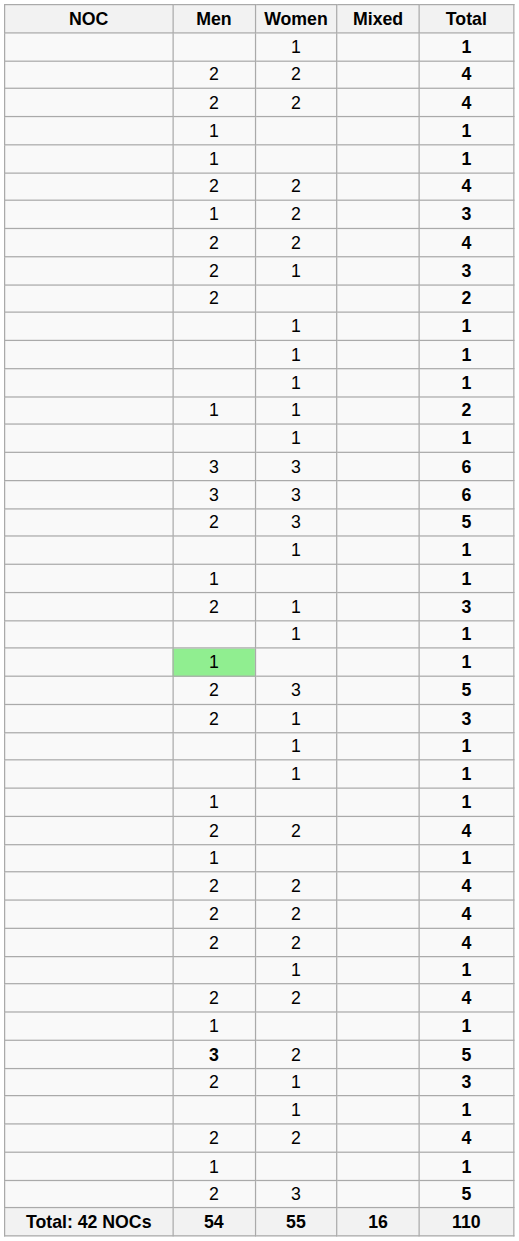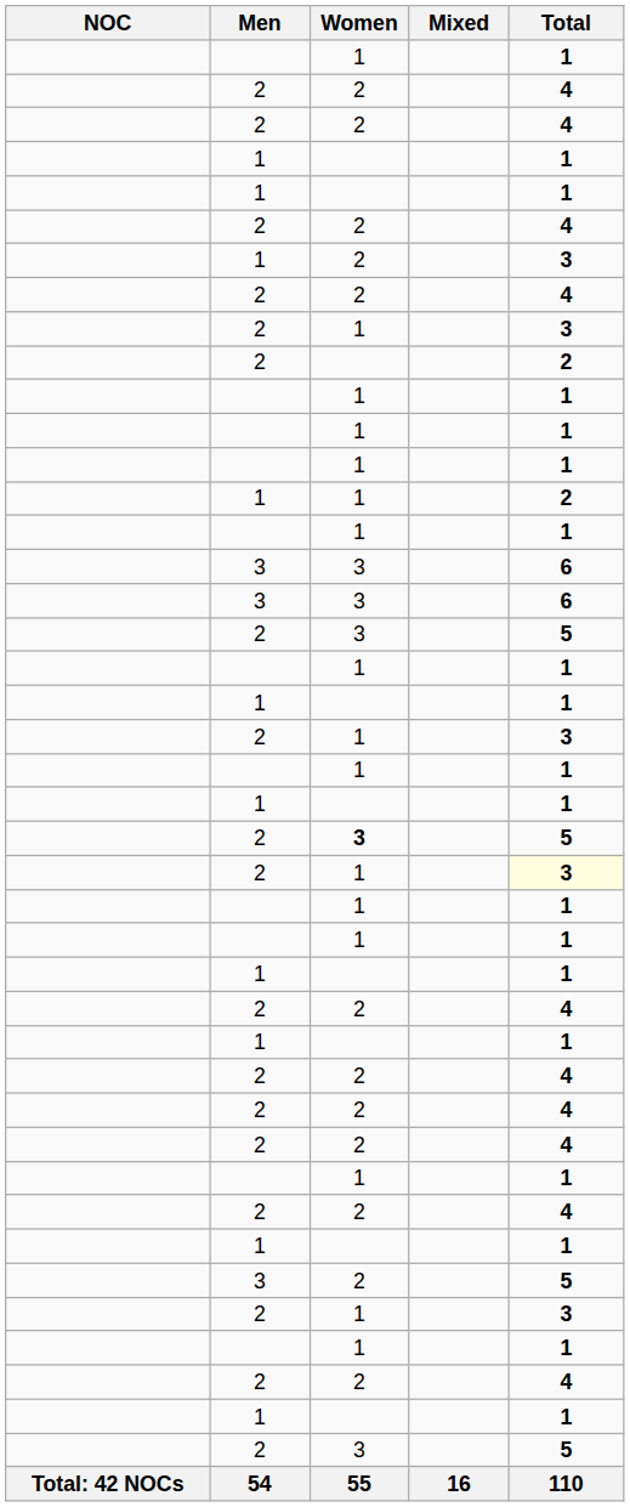 <table class="wikitable sortable" style="text-align:center; font-size:90%">
 <tr>
 <th width=130 align="left">NOC</th>
 <th width=60>Men</th>
 <th width=60>Women</th>
 <th width=60>Mixed</th>
 <th width="70">Total</th>
 </tr>
 <tr>
 <td align=left></td>
 <td></td>
 <td>1</td>
 <td></td>
 <td><strong>1</strong></td>
 </tr>
 <tr>
 <td align=left></td>
 <td>2</td>
 <td>2</td>
 <td></td>
 <td><strong>4</strong></td>
 </tr>
 <tr>
 <td align=left></td>
 <td>2</td>
 <td>2</td>
 <td></td>
 <td><strong>4</strong></td>
 </tr>
 <tr>
 <td align=left></td>
 <td>1</td>
 <td></td>
 <td></td>
 <td><strong>1</strong></td>
 </tr>
 <tr>
 <td align=left></td>
 <td>1</td>
 <td></td>
 <td></td>
 <td><strong>1</strong></td>
 </tr>
 <tr>
 <td align=left></td>
 <td>2</td>
 <td>2</td>
 <td></td>
 <td><strong>4</strong></td>
 </tr>
 <tr>
 <td align=left></td>
 <td>1</td>
 <td>2</td>
 <td></td>
 <td><strong>3</strong></td>
 </tr>
 <tr>
 <td align=left></td>
 <td>2</td>
 <td>2</td>
 <td></td>
 <td><strong>4</strong></td>
 </tr>
 <tr>
 <td align=left></td>
 <td>2</td>
 <td>1</td>
 <td></td>
 <td><strong>3</strong></td>
 </tr>
 <tr>
 <td align=left></td>
 <td>2</td>
 <td></td>
 <td></td>
 <td><strong>2</strong></td>
 </tr>
 <tr>
 <td align=left></td>
 <td></td>
 <td>1</td>
 <td></td>
 <td><strong>1</strong></td>
 </tr>
 <tr>
 <td align=left></td>
 <td></td>
 <td>1</td>
 <td></td>
 <td><strong>1</strong></td>
 </tr>
 <tr>
 <td align=left></td>
 <td></td>
 <td>1</td>
 <td></td>
 <td><strong>1</strong></td>
 </tr>
 <tr>
 <td align=left></td>
 <td>1</td>
 <td>1</td>
 <td></td>
 <td><strong>2</strong></td>
 </tr>
 <tr>
 <td align=left></td>
 <td></td>
 <td>1</td>
 <td></td>
 <td><strong>1</strong></td>
 </tr>
 <tr>
 <td align=left></td>
 <td>3</td>
 <td>3</td>
 <td></td>
 <td><strong>6</strong></td>
 </tr>
 <tr>
 <td align=left></td>
 <td>3</td>
 <td>3</td>
 <td></td>
 <td><strong>6</strong></td>
 </tr>
 <tr>
 <td align=left></td>
 <td>2</td>
 <td>3</td>
 <td></td>
 <td><strong>5</strong></td>
 </tr>
 <tr>
 <td align=left></td>
 <td></td>
 <td>1</td>
 <td></td>
 <td><strong>1</strong></td>
 </tr>
 <tr>
 <td align=left></td>
 <td>1</td>
 <td></td>
 <td></td>
 <td><strong>1</strong></td>
 </tr>
 <tr>
 <td align=left></td>
 <td>2</td>
 <td>1</td>
 <td></td>
 <td><strong>3</strong></td>
 </tr>
 <tr>
 <td align=left></td>
 <td></td>
 <td>1</td>
 <td></td>
 <td><strong>1</strong></td>
 </tr>
 <tr>
 <td align=left></td>
-<td style="background: lightgreen;">1</td>
+<td>1</td>
 <td></td>
 <td></td>
 <td><strong>1</strong></td>
 </tr>
 <tr>
 <td align=left></td>
 <td>2</td>
-<td>3</td>
+<td><strong>3</strong></td>
 <td></td>
 <td><strong>5</strong></td>
 </tr>
 <tr>
 <td align=left></td>
 <td>2</td>
 <td>1</td>
 <td></td>
-<td><strong>3</strong></td>
+<td style="background: lightyellow;"><strong>3</strong></td>
 </tr>
 <tr>
 <td align=left></td>
 <td></td>
 <td>1</td>
 <td></td>
 <td><strong>1</strong></td>
 </tr>
 <tr>
 <td align=left></td>
 <td></td>
 <td>1</td>
 <td></td>
 <td><strong>1</strong></td>
 </tr>
 <tr>
 <td align=left></td>
 <td>1</td>
 <td></td>
 <td></td>
 <td><strong>1</strong></td>
 </tr>
 <tr>
 <td align=left></td>
 <td>2</td>
 <td>2</td>
 <td></td>
 <td><strong>4</strong></td>
 </tr>
 <tr>
 <td align=left></td>
 <td>1</td>
 <td></td>
 <td></td>
 <td><strong>1</strong></td>
 </tr>
 <tr>
 <td align=left></td>
 <td>2</td>
 <td>2</td>
 <td></td>
 <td><strong>4</strong></td>
 </tr>
 <tr>
 <td align=left></td>
 <td>2</td>
 <td>2</td>
 <td></td>
 <td><strong>4</strong></td>
 </tr>
 <tr>
 <td align=left></td>
 <td>2</td>
 <td>2</td>
 <td></td>
 <td><strong>4</strong></td>
 </tr>
 <tr>
 <td align=left></td>
 <td></td>
 <td>1</td>
 <td></td>
 <td><strong>1</strong></td>
 </tr>
 <tr>
 <td align=left></td>
 <td>2</td>
 <td>2</td>
 <td></td>
 <td><strong>4</strong></td>
 </tr>
 <tr>
 <td align=left></td>
 <td>1</td>
 <td></td>
 <td></td>
 <td><strong>1</strong></td>
 </tr>
 <tr>
 <td align=left></td>
-<td><strong>3</strong></td>
+<td>3</td>
 <td>2</td>
 <td></td>
 <td><strong>5</strong></td>
 </tr>
 <tr>
 <td align=left></td>
 <td>2</td>
 <td>1</td>
 <td></td>
 <td><strong>3</strong></td>
 </tr>
 <tr>
 <td align=left></td>
 <td></td>
 <td>1</td>
 <td></td>
 <td><strong>1</strong></td>
 </tr>
 <tr>
 <td align=left></td>
 <td>2</td>
 <td>2</td>
 <td></td>
 <td><strong>4</strong></td>
 </tr>
 <tr>
 <td align=left></td>
 <td>1</td>
 <td></td>
 <td></td>
 <td><strong>1</strong></td>
 </tr>
 <tr>
 <td align=left></td>
 <td>2</td>
 <td>3</td>
 <td></td>
 <td><strong>5</strong></td>
 </tr>
 <tr>
 <th>Total: 42 NOCs</th>
 <th>54</th>
 <th>55</th>
 <th>16</th>
 <th>110</th>
 </tr>
 </table>
